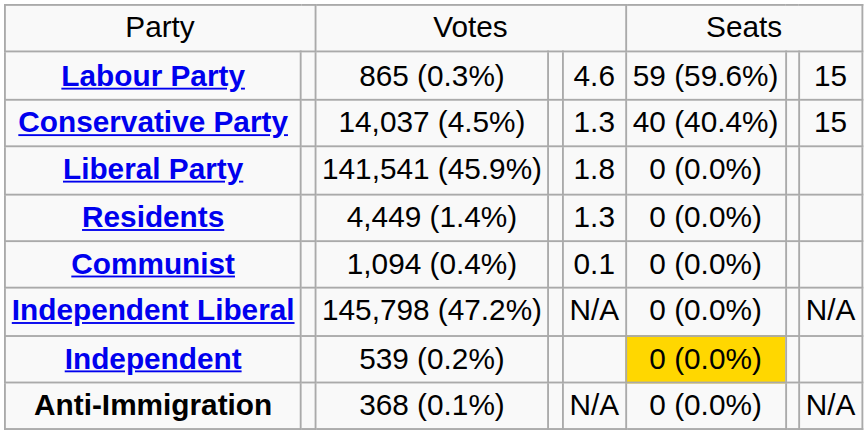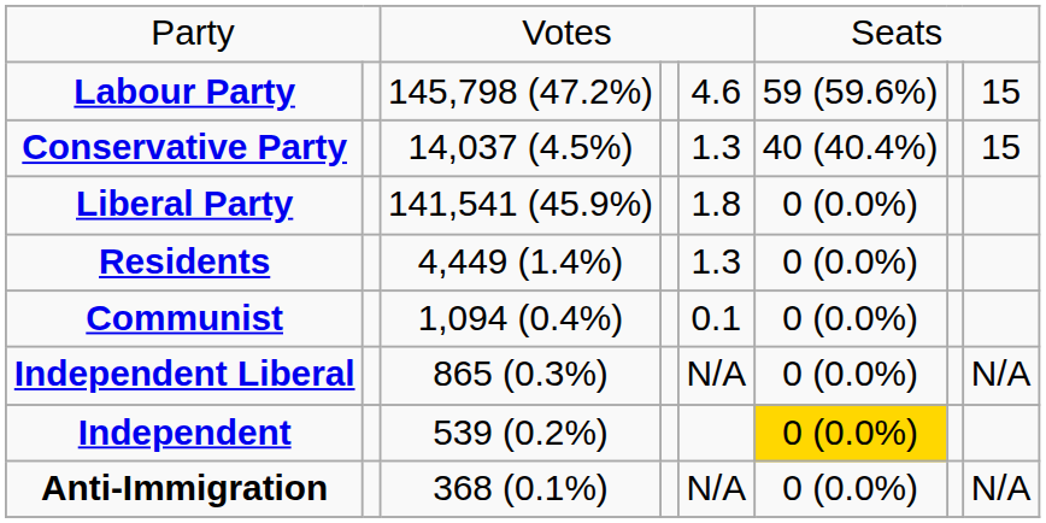 <table class=wikitable style="text-align:center;">
 <tr>
 <td colspan=2>Party</td>
 <td colspan=3>Votes</td>
 <td colspan=3>Seats</td>
 </tr>
 <tr>
 <td><strong><a href='#'>Labour Party</a></strong></td>
 <td style="background:"></td>
-<td>865 (0.3%)</td>
+<td>145,798 (47.2%)</td>
 <td></td>
 <td> 4.6</td>
 <td>59 (59.6%)</td>
 <td></td>
 <td> 15</td>
 </tr>
 <tr>
 <td><strong><a href='#'>Conservative Party</a></strong></td>
 <td style="background:"></td>
 <td>14,037 (4.5%)</td>
 <td></td>
 <td> 1.3</td>
 <td>40 (40.4%)</td>
 <td></td>
 <td> 15</td>
 </tr>
 <tr>
 <td><strong><a href='#'>Liberal Party</a></strong></td>
 <td style="background:"></td>
 <td>141,541 (45.9%)</td>
 <td></td>
 <td> 1.8</td>
 <td>0 (0.0%)</td>
 <td></td>
 <td></td>
 </tr>
 <tr>
 <td><strong><a href='#'>Residents</a></strong></td>
 <td style="background:"></td>
 <td>4,449 (1.4%)</td>
 <td></td>
 <td> 1.3</td>
 <td>0 (0.0%)</td>
 <td></td>
 <td></td>
 </tr>
 <tr>
 <td><strong><a href='#'>Communist</a></strong></td>
 <td style="background:"></td>
 <td>1,094 (0.4%)</td>
 <td></td>
 <td> 0.1</td>
 <td>0  (0.0%)</td>
 <td></td>
 <td></td>
 </tr>
 <tr>
 <td><strong><a href='#'>Independent Liberal</a></strong></td>
 <td style="background:"></td>
-<td>145,798 (47.2%)</td>
+<td>865 (0.3%)</td>
 <td></td>
 <td>N/A</td>
 <td>0 (0.0%)</td>
 <td></td>
 <td>N/A</td>
 </tr>
 <tr>
 <td><strong><a href='#'>Independent</a></strong></td>
 <td style="background:"></td>
 <td>539 (0.2%)</td>
 <td></td>
 <td></td>
 <td style="background: gold;">0 (0.0%)</td>
 <td></td>
 <td></td>
 </tr>
 <tr>
 <td><strong>Anti-Immigration</strong></td>
 <td style="background:"></td>
 <td>368 (0.1%)</td>
 <td></td>
 <td>N/A</td>
 <td>0 (0.0%)</td>
 <td></td>
 <td>N/A</td>
 </tr>
 </table>
